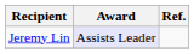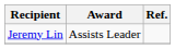 <table class="wikitable">
 <tr>
 <th>Recipient</th>
 <th>Award</th>
 <th>Ref.</th>
 </tr>
 <tr>
 <td><a href='#'>Jeremy Lin</a></td>
-<td style="background: lavender;">Assists Leader</td>
+<td>Assists Leader</td>
 <td></td>
 </tr>
 <tr>
 </tr>
 </table>
